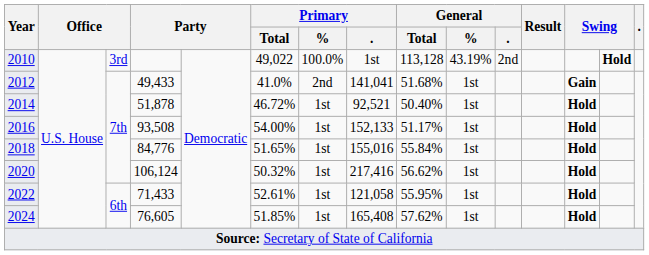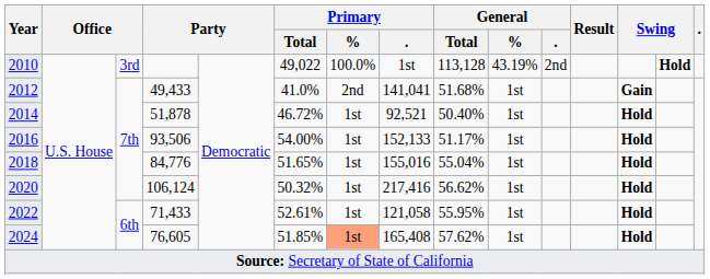 <table class="wikitable" style="font-size: 90%; text-align:center;">
 <tr>
 <th rowspan=2>Year</th>
 <th colspan=2 rowspan=2>Office</th>
 <th colspan=2 rowspan=2>Party</th>
 <th colspan=3><a href='#'>Primary</a></th>
 <th colspan=3>General</th>
 <th rowspan=2>Result</th>
 <th colspan=2 rowspan=2><a href='#'>Swing</a></th>
 <th rowspan=2>.</th>
 </tr>
 <tr>
 <th>Total</th>
 <th>%</th>
 <th>.</th>
 <th>Total</th>
 <th>%</th>
 <th>.</th>
 </tr>
 <tr>
 <td style="background-color:#EAECF0;"><a href='#'>2010</a></td>
 <td rowspan=8><a href='#'>U.S. House</a></td>
 <td><a href='#'>3rd</a></td>
 <td style="background-color:"></td>
 <td rowspan=8><a href='#'>Democratic</a></td>
 <td>49,022</td>
 <td>100.0%</td>
 <td>1st</td>
 <td>113,128</td>
 <td>43.19%</td>
 <td>2nd</td>
 <td></td>
 <td style="background-color:"></td>
 <td><strong>Hold</strong></td>
 <td></td>
 </tr>
 <tr>
 <td style="background-color:#EAECF0;"><a href='#'>2012</a></td>
 <td rowspan=5><a href='#'>7th</a></td>
 <td>49,433</td>
 <td>41.0%</td>
 <td>2nd</td>
 <td>141,041</td>
 <td>51.68%</td>
 <td>1st</td>
 <td></td>
 <td style="background-color:"></td>
 <td><strong>Gain</strong></td>
 <td></td>
 </tr>
 <tr>
 <td style="background-color:#EAECF0;"><a href='#'>2014</a></td>
 <td>51,878</td>
 <td>46.72%</td>
 <td>1st</td>
 <td>92,521</td>
 <td>50.40%</td>
 <td>1st</td>
 <td></td>
 <td style="background-color:"></td>
 <td><strong>Hold</strong></td>
 <td></td>
 </tr>
 <tr>
 <td style="background-color:#EAECF0;"><a href='#'>2016</a></td>
-<td>93,508</td>
+<td>93,506</td>
 <td>54.00%</td>
 <td>1st</td>
 <td>152,133</td>
 <td>51.17%</td>
 <td>1st</td>
 <td></td>
 <td style="background-color:"></td>
 <td><strong>Hold</strong></td>
 <td></td>
 </tr>
 <tr>
 <td style="background-color:#EAECF0;"><a href='#'>2018</a></td>
 <td>84,776</td>
 <td>51.65%</td>
 <td>1st</td>
 <td>155,016</td>
-<td>55.84%</td>
+<td>55.04%</td>
 <td>1st</td>
 <td></td>
 <td style="background-color:"></td>
 <td><strong>Hold</strong></td>
 <td></td>
 </tr>
 <tr>
 <td style="background-color:#EAECF0;"><a href='#'>2020</a></td>
 <td>106,124</td>
 <td>50.32%</td>
 <td>1st</td>
 <td>217,416</td>
 <td>56.62%</td>
 <td>1st</td>
 <td></td>
 <td style="background-color:"></td>
 <td><strong>Hold</strong></td>
 <td></td>
 </tr>
 <tr>
 <td style="background-color:#EAECF0;"><a href='#'>2022</a></td>
 <td rowspan=2><a href='#'>6th</a></td>
 <td>71,433</td>
 <td>52.61%</td>
 <td>1st</td>
 <td>121,058</td>
 <td>55.95%</td>
 <td>1st</td>
 <td></td>
 <td style="background-color:"></td>
 <td><strong>Hold</strong></td>
 <td></td>
 </tr>
 <tr>
 <td style="background-color:#EAECF0;"><a href='#'>2024</a></td>
 <td>76,605</td>
 <td>51.85%</td>
-<td>1st</td>
+<td style="background: lightsalmon;">1st</td>
 <td>165,408</td>
 <td>57.62%</td>
 <td>1st</td>
 <td></td>
 <td style="background-color:"></td>
 <td><strong>Hold</strong></td>
 <td></td>
 </tr>
 <tr>
 <td style="background-color:#EAECF0;" colspan=15><strong>Source:</strong> <a href='#'>Secretary of State of California</a>  </td>
 </tr>
 </table>
